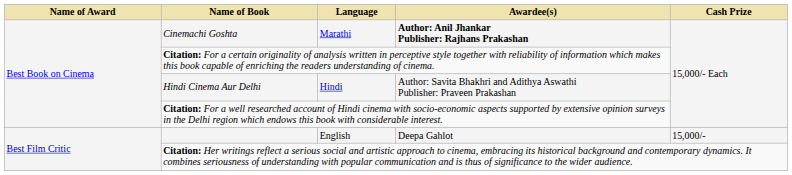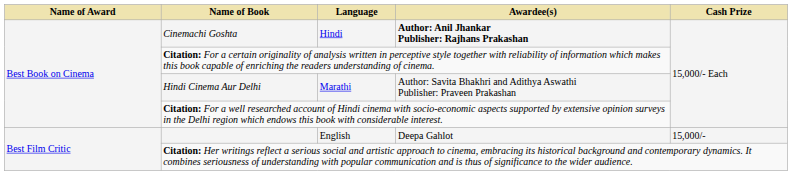 <table class="wikitable" style="width:100%;">
 <tr style="background-color:#F4F4F4">
 <th style="background-color:#EFE4B0;width:20%;">Name of Award</th>
 <th style="background-color:#EFE4B0;width:20%;">Name of Book</th>
 <th style="background-color:#EFE4B0;width:10%;">Language</th>
 <th style="background-color:#EFE4B0;width:35%;">Awardee(s)</th>
 <th style="background-color:#EFE4B0;width:15%;">Cash Prize</th>
 </tr>
 <tr style="background-color:#F4F4F4">
 <td rowspan="4"><a href='#'>Best Book on Cinema</a></td>
 <td><em>Cinemachi Goshta</em></td>
-<td><a href='#'>Marathi</a></td>
+<td><a href='#'>Hindi</a></td>
 <td><strong>Author: Anil Jhankar<br>Publisher: Rajhans Prakashan</strong></td>
 <td rowspan="4"> 15,000/- Each</td>
 </tr>
 <tr style="background-color:#F9F9F9">
 <td colspan="3"><strong>Citation:</strong> <em>For a certain originality of analysis written in perceptive style together with reliability of information which makes this book capable of enriching the readers understanding of cinema.</em></td>
 </tr>
 <tr style="background-color:#F4F4F4">
 <td><em>Hindi Cinema Aur Delhi</em></td>
-<td><a href='#'>Hindi</a></td>
+<td><a href='#'>Marathi</a></td>
 <td>Author: Savita Bhakhri and Adithya Aswathi<br>Publisher: Praveen Prakashan</td>
 </tr>
 <tr style="background-color:#F9F9F9">
 <td colspan="3"><strong>Citation:</strong> <em>For a well researched account of Hindi cinema with socio-economic aspects supported by extensive opinion surveys in the Delhi region which endows this book with considerable interest.</em></td>
 </tr>
 <tr style="background-color:#F4F4F4">
 <td rowspan="2"><a href='#'>Best Film Critic</a></td>
 <td></td>
 <td>English</td>
 <td>Deepa Gahlot</td>
 <td> 15,000/-</td>
 </tr>
 <tr style="background-color:#F9F9F9">
 <td colspan="4"><strong>Citation:</strong> <em>Her writings reflect a serious social and artistic approach to cinema, embracing its historical background and contemporary dynamics. It combines seriousness of understanding with popular communication and is thus of significance to the wider audience.</em></td>
 </tr>
 </table>
